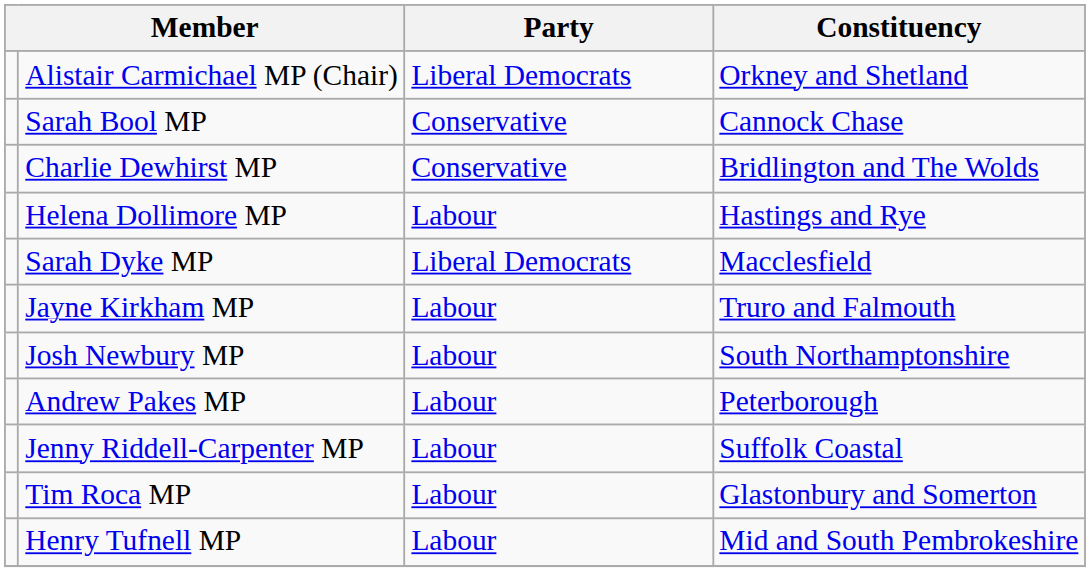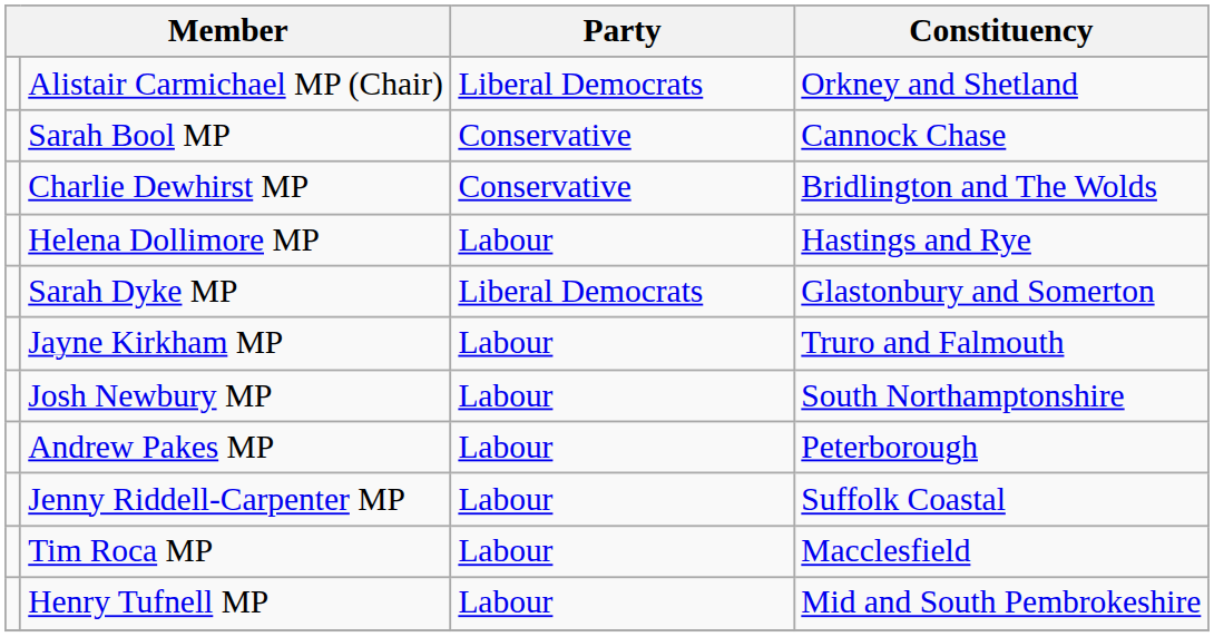 <table class="wikitable">
 <tr>
 <th colspan="2" width="160px" valign="top">Member</th>
 <th width="160px" valign="top">Party</th>
 <th valign="top">Constituency</th>
 </tr>
 <tr>
 <td></td>
 <td><a href='#'>Alistair Carmichael</a> MP (Chair)</td>
 <td><a href='#'>Liberal Democrats</a></td>
 <td><a href='#'>Orkney and Shetland</a></td>
 </tr>
 <tr>
 <td></td>
 <td><a href='#'>Sarah Bool</a> MP</td>
 <td><a href='#'>Conservative</a></td>
 <td><a href='#'>Cannock Chase</a></td>
 </tr>
 <tr>
 <td></td>
 <td><a href='#'>Charlie Dewhirst</a> MP</td>
 <td><a href='#'>Conservative</a></td>
 <td><a href='#'>Bridlington and The Wolds</a></td>
 </tr>
 <tr>
 <td style="color:inherit;background:"></td>
 <td><a href='#'>Helena Dollimore</a> MP</td>
 <td><a href='#'>Labour</a></td>
 <td><a href='#'>Hastings and Rye</a></td>
 </tr>
 <tr>
 <td></td>
 <td><a href='#'>Sarah Dyke</a> MP</td>
 <td><a href='#'>Liberal Democrats</a></td>
-<td><a href='#'>Macclesfield</a></td>
+<td><a href='#'>Glastonbury and Somerton</a></td>
 </tr>
 <tr>
 <td style="color:inherit;background:"></td>
 <td><a href='#'>Jayne Kirkham</a> MP</td>
 <td><a href='#'>Labour</a></td>
 <td><a href='#'>Truro and Falmouth</a></td>
 </tr>
 <tr>
 <td style="color:inherit;background:"></td>
 <td><a href='#'>Josh Newbury</a> MP</td>
 <td><a href='#'>Labour</a></td>
 <td><a href='#'>South Northamptonshire</a></td>
 </tr>
 <tr>
 <td style="color:inherit;background:"></td>
 <td><a href='#'>Andrew Pakes</a> MP</td>
 <td><a href='#'>Labour</a></td>
 <td><a href='#'>Peterborough</a></td>
 </tr>
 <tr>
 <td style="color:inherit;background:"></td>
 <td><a href='#'>Jenny Riddell-Carpenter</a> MP</td>
 <td><a href='#'>Labour</a></td>
 <td><a href='#'>Suffolk Coastal</a></td>
 </tr>
 <tr>
 <td style="color:inherit;background:"></td>
 <td><a href='#'>Tim Roca</a> MP</td>
 <td><a href='#'>Labour</a></td>
-<td><a href='#'>Glastonbury and Somerton</a></td>
+<td><a href='#'>Macclesfield</a></td>
 </tr>
 <tr>
 <td style="color:inherit;background:"></td>
 <td><a href='#'>Henry Tufnell</a> MP</td>
 <td><a href='#'>Labour</a></td>
 <td><a href='#'>Mid and South Pembrokeshire</a></td>
 </tr>
 <tr>
 </tr>
 </table>
